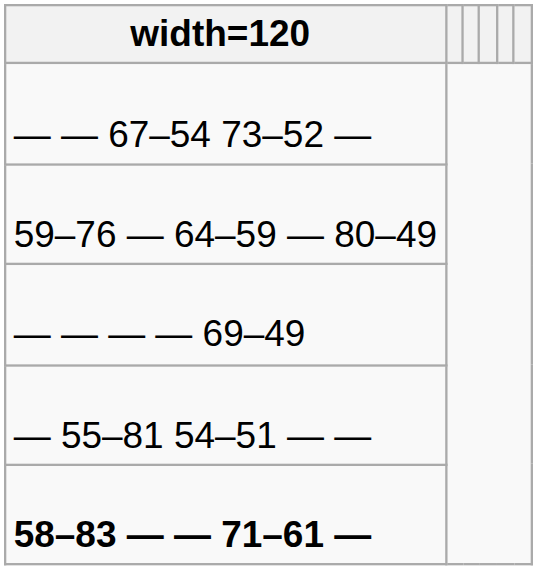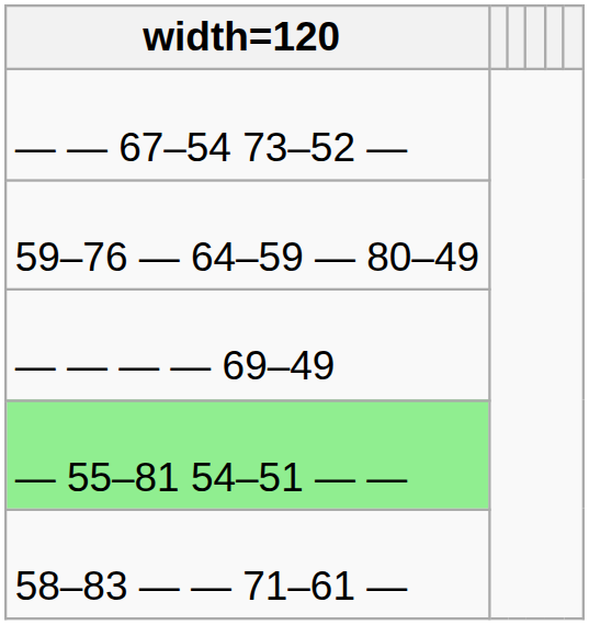 <table class="wikitable" style="text-align:center;">
 <tr>
 <th>width=120 </th>
 <th></th>
 <th></th>
 <th></th>
 <th></th>
 <th></th>
 </tr>
 <tr>
 <td style="text-align:left;"><br> —  —  67–54  73–52  —</td>
 </tr>
 <tr>
 <td style="text-align:left;"><br> 59–76  —  64–59  —  80–49</td>
 </tr>
 <tr>
 <td style="text-align:left;"><br> —  —  —  —  69–49</td>
 </tr>
 <tr>
-<td style="text-align:left;"><br> —  55–81  54–51  —  —</td>
+<td style="background: lightgreen; text-align:left;"><br> —  55–81  54–51  —  —</td>
 </tr>
 <tr>
-<td style="text-align:left;"><strong><br> 58–83  —  —  71–61  —</strong></td>
+<td style="text-align:left;"><br> 58–83  —  —  71–61  —</td>
 </tr>
 </table>
